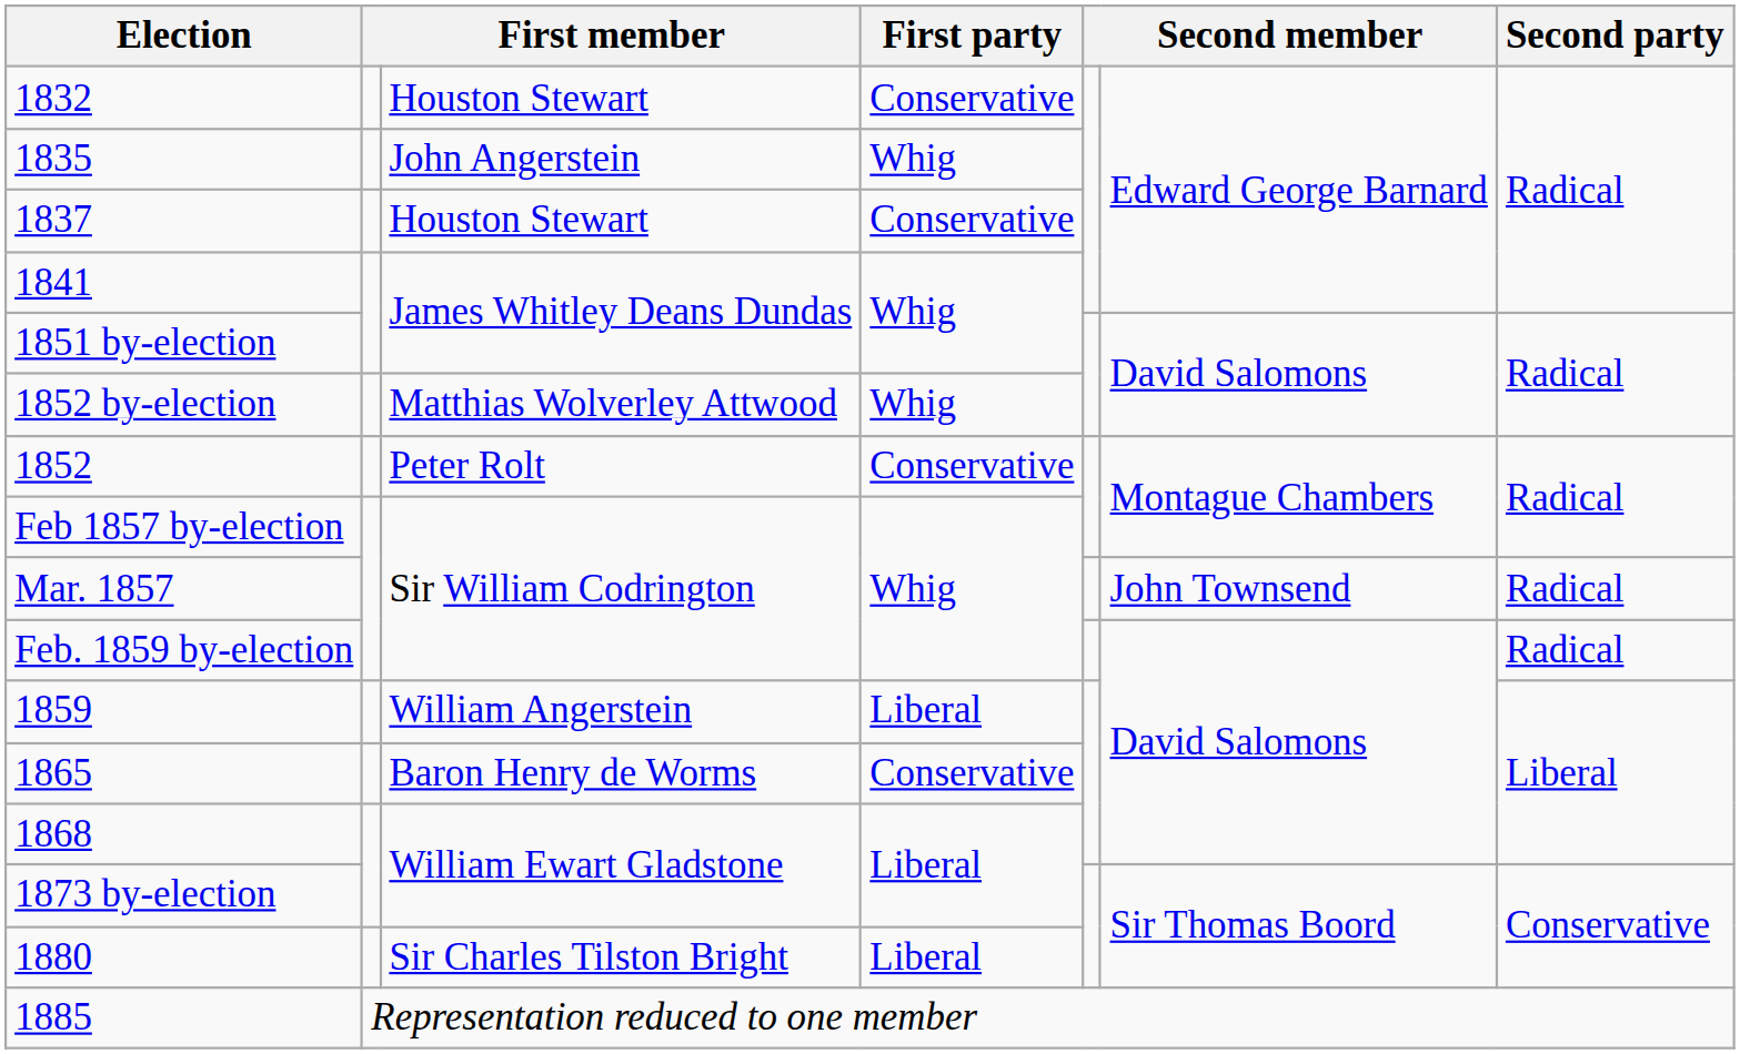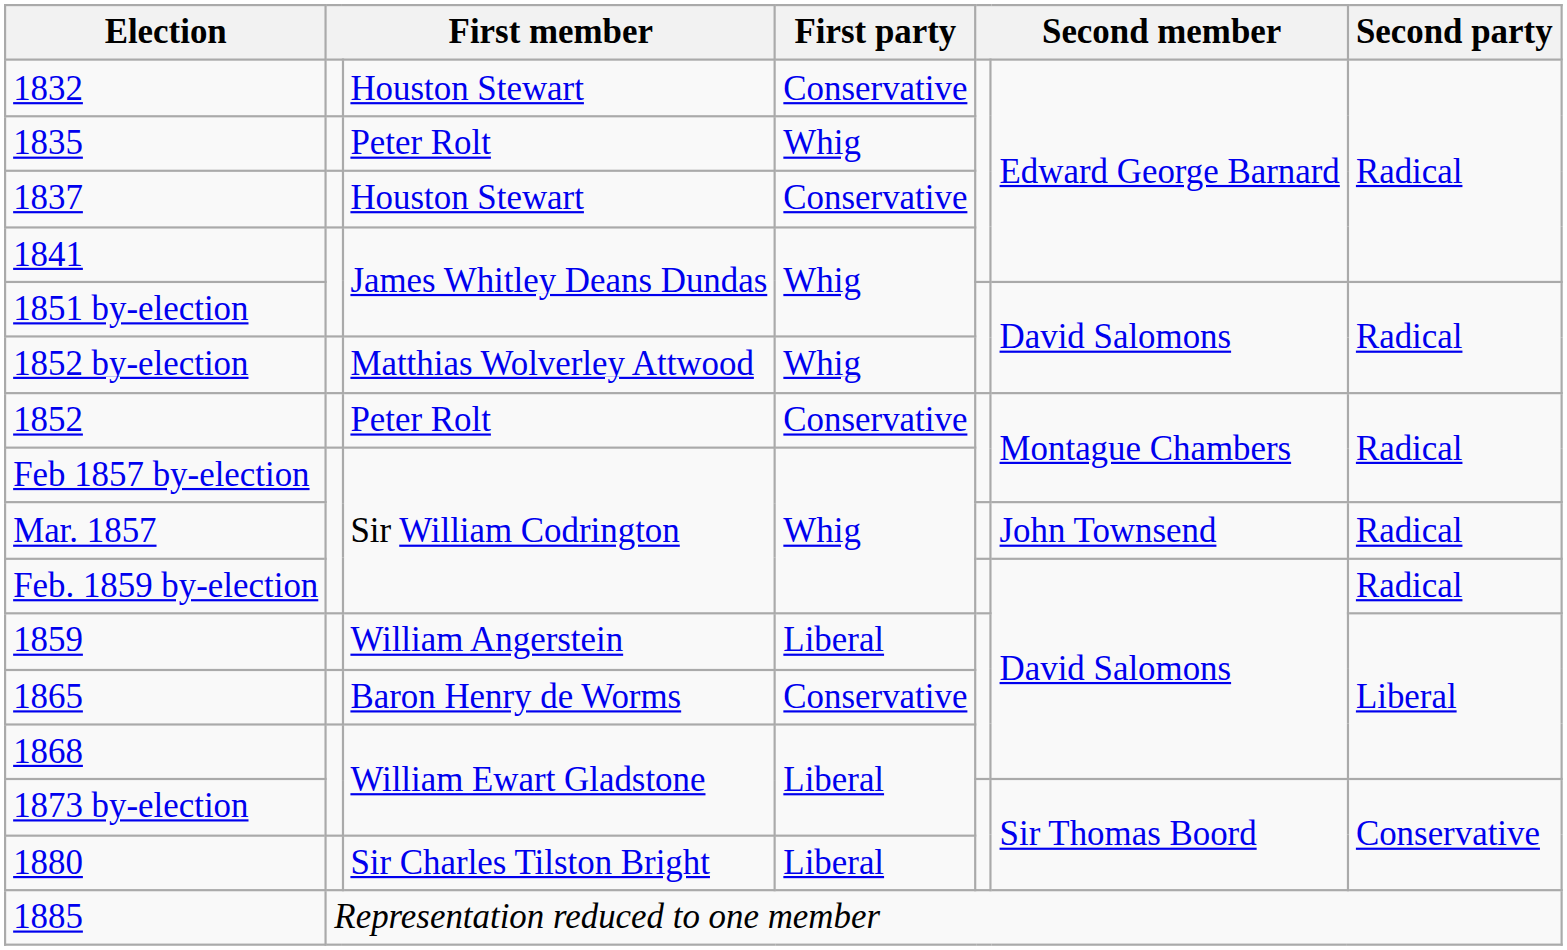 <table class="wikitable">
 <tr>
 <th>Election</th>
 <th colspan="2">First member</th>
 <th>First party</th>
 <th colspan="2">Second member</th>
 <th>Second party</th>
 </tr>
 <tr>
 <td><a href='#'>1832</a></td>
 <td style="color:inherit;background-color: "></td>
 <td><a href='#'>Houston Stewart</a></td>
 <td><a href='#'>Conservative</a></td>
 <td rowspan="4" style="color:inherit;background-color: "></td>
 <td rowspan="4"><a href='#'>Edward George Barnard</a></td>
 <td rowspan="4"><a href='#'>Radical</a></td>
 </tr>
 <tr>
 <td><a href='#'>1835</a></td>
 <td style="color:inherit;background-color: "></td>
-<td><a href='#'>John Angerstein</a></td>
+<td><a href='#'>Peter Rolt</a></td>
 <td><a href='#'>Whig</a></td>
 </tr>
 <tr>
 <td><a href='#'>1837</a></td>
 <td style="color:inherit;background-color: "></td>
 <td><a href='#'>Houston Stewart</a></td>
 <td><a href='#'>Conservative</a></td>
 </tr>
 <tr>
 <td><a href='#'>1841</a></td>
 <td rowspan="2" style="color:inherit;background-color: "></td>
 <td rowspan="2"><a href='#'>James Whitley Deans Dundas</a></td>
 <td rowspan="2"><a href='#'>Whig</a></td>
 </tr>
 <tr>
 <td><a href='#'>1851 by-election</a></td>
 <td rowspan="2" style="color:inherit;background-color: "></td>
 <td rowspan="2"><a href='#'>David Salomons</a></td>
 <td rowspan="2"><a href='#'>Radical</a></td>
 </tr>
 <tr>
 <td><a href='#'>1852 by-election</a></td>
 <td style="color:inherit;background-color: "></td>
 <td><a href='#'>Matthias Wolverley Attwood</a></td>
 <td><a href='#'>Whig</a></td>
 </tr>
 <tr>
 <td><a href='#'>1852</a></td>
 <td style="color:inherit;background-color: "></td>
 <td><a href='#'>Peter Rolt</a></td>
 <td><a href='#'>Conservative</a></td>
 <td rowspan="2" style="color:inherit;background-color: "></td>
 <td rowspan="2"><a href='#'>Montague Chambers</a></td>
 <td rowspan="2"><a href='#'>Radical</a></td>
 </tr>
 <tr>
 <td><a href='#'>Feb 1857 by-election</a></td>
 <td rowspan="3" style="color:inherit;background-color: "></td>
 <td rowspan="3">Sir <a href='#'>William Codrington</a></td>
 <td rowspan="3"><a href='#'>Whig</a></td>
 </tr>
 <tr>
 <td><a href='#'>Mar. 1857</a></td>
 <td style="color:inherit;background-color: "></td>
 <td><a href='#'>John Townsend</a></td>
 <td><a href='#'>Radical</a></td>
 </tr>
 <tr>
 <td><a href='#'>Feb. 1859 by-election</a></td>
 <td rowspan="1" style="color:inherit;background-color: "></td>
 <td rowspan="4"><a href='#'>David Salomons</a></td>
 <td rowspan="1"><a href='#'>Radical</a></td>
 </tr>
 <tr>
 <td><a href='#'>1859</a></td>
 <td style="color:inherit;background-color: "></td>
 <td><a href='#'>William Angerstein</a></td>
 <td><a href='#'>Liberal</a></td>
 <td rowspan="3" style="color:inherit;background-color: "></td>
 <td rowspan="3"><a href='#'>Liberal</a></td>
 </tr>
 <tr>
 <td><a href='#'>1865</a></td>
 <td style="color:inherit;background-color: "></td>
 <td><a href='#'>Baron Henry de Worms</a></td>
 <td><a href='#'>Conservative</a></td>
 </tr>
 <tr>
 <td><a href='#'>1868</a></td>
 <td rowspan="2" style="color:inherit;background-color: "></td>
 <td rowspan="2"><a href='#'>William Ewart Gladstone</a></td>
 <td rowspan="2"><a href='#'>Liberal</a></td>
 </tr>
 <tr>
 <td><a href='#'>1873 by-election</a></td>
 <td rowspan="2" style="color:inherit;background-color: "></td>
 <td rowspan="2"><a href='#'>Sir Thomas Boord</a></td>
 <td rowspan="2"><a href='#'>Conservative</a></td>
 </tr>
 <tr>
 <td><a href='#'>1880</a></td>
 <td style="color:inherit;background-color: "></td>
 <td><a href='#'>Sir Charles Tilston Bright</a></td>
 <td><a href='#'>Liberal</a></td>
 </tr>
 <tr>
 <td><a href='#'>1885</a></td>
 <td colspan="6"><em>Representation reduced to one member</em></td>
 </tr>
 </table>
